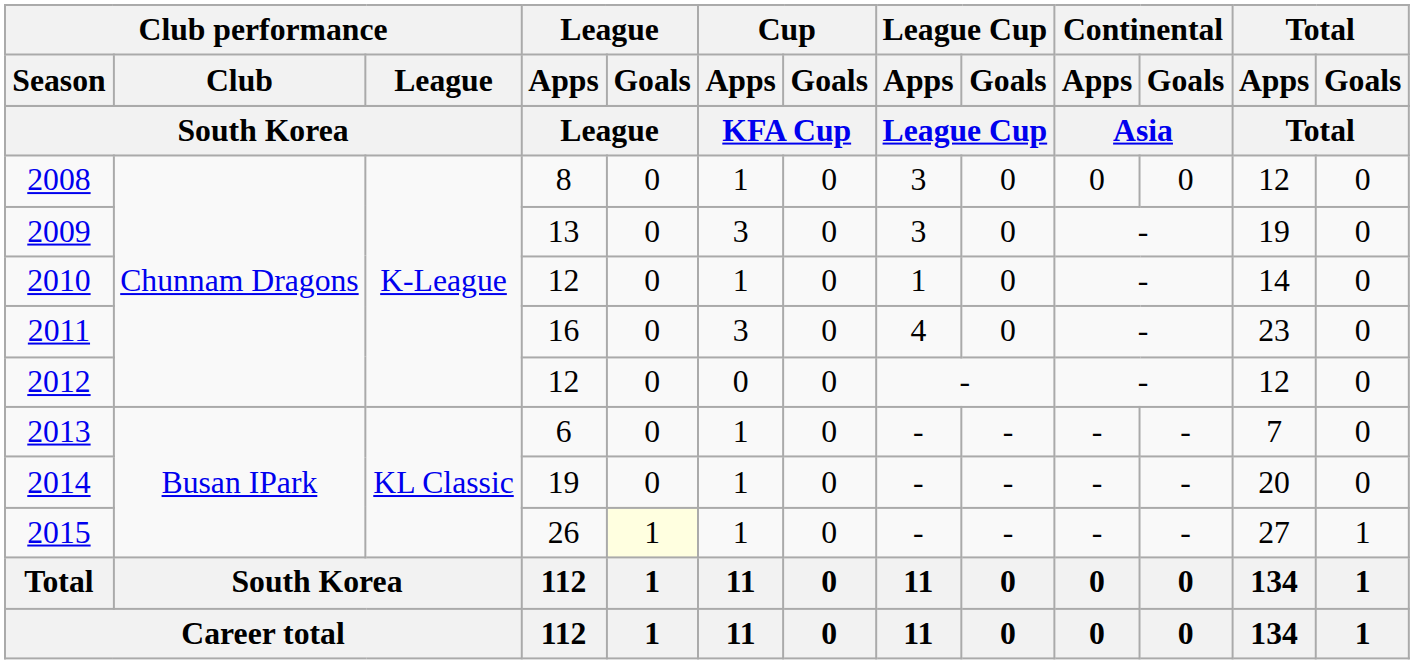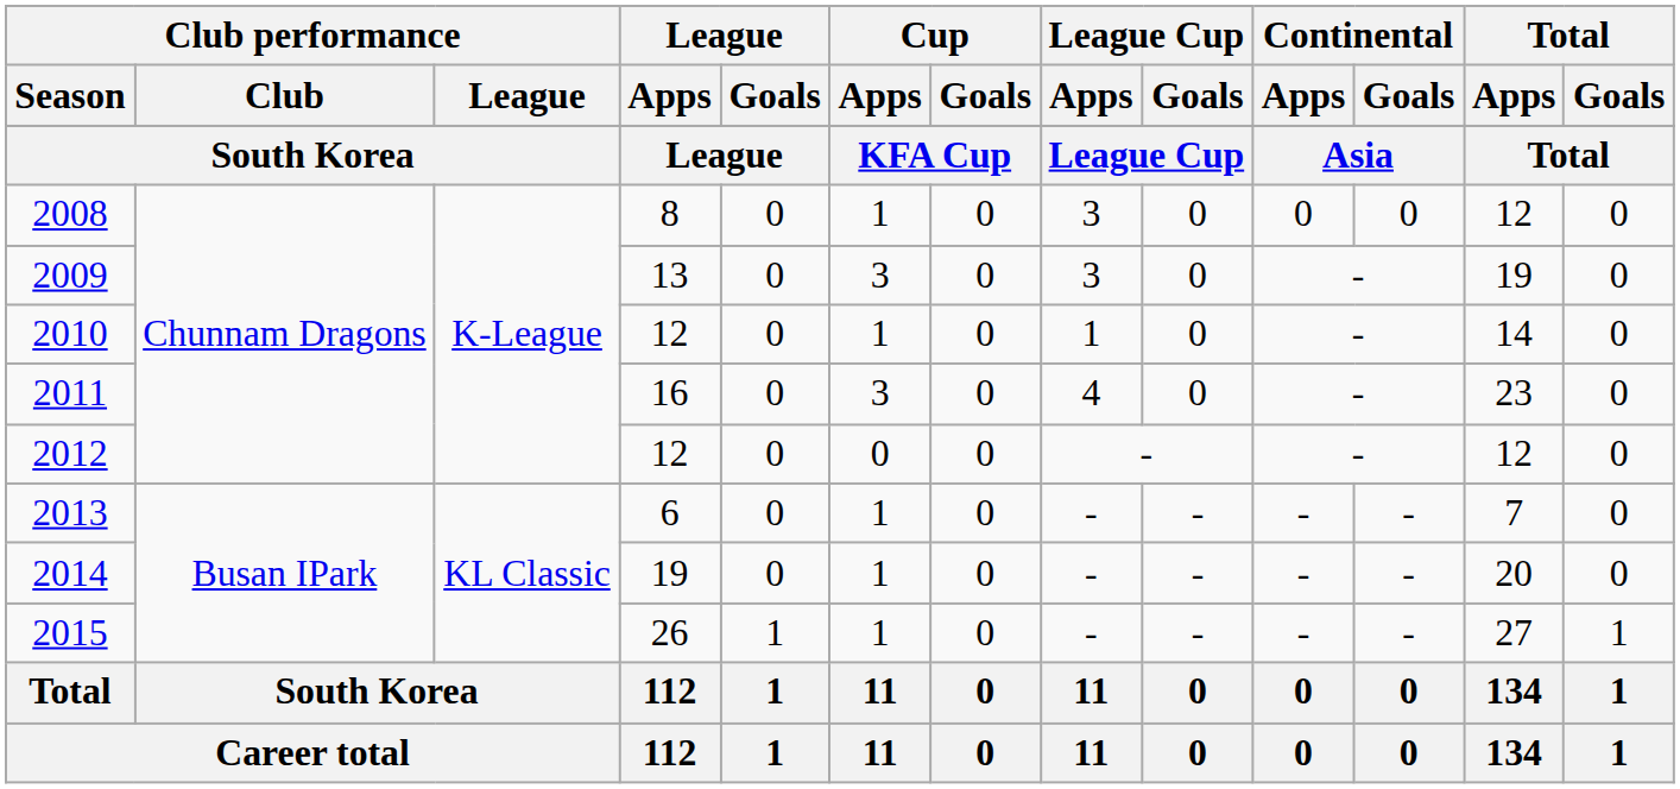 <table class="wikitable" style="text-align:center">
 <tr>
 <th colspan=3>Club performance</th>
 <th colspan=2>League</th>
 <th colspan=2>Cup</th>
 <th colspan=2>League Cup</th>
 <th colspan=2>Continental</th>
 <th colspan=2>Total</th>
 </tr>
 <tr>
 <th>Season</th>
 <th>Club</th>
 <th>League</th>
 <th>Apps</th>
 <th>Goals</th>
 <th>Apps</th>
 <th>Goals</th>
 <th>Apps</th>
 <th>Goals</th>
 <th>Apps</th>
 <th>Goals</th>
 <th>Apps</th>
 <th>Goals</th>
 </tr>
 <tr>
 </tr>
 <tr>
 <th colspan=3>South Korea</th>
 <th colspan=2>League</th>
 <th colspan=2><a href='#'>KFA Cup</a></th>
 <th colspan=2><a href='#'>League Cup</a></th>
 <th colspan=2><a href='#'>Asia</a></th>
 <th colspan=2>Total</th>
 </tr>
 <tr>
 <td><a href='#'>2008</a></td>
 <td rowspan="5"><a href='#'>Chunnam Dragons</a></td>
 <td rowspan="5"><a href='#'>K-League</a></td>
 <td>8</td>
 <td>0</td>
 <td>1</td>
 <td>0</td>
 <td>3</td>
 <td>0</td>
 <td>0</td>
 <td>0</td>
 <td>12</td>
 <td>0</td>
 </tr>
 <tr>
 <td><a href='#'>2009</a></td>
 <td>13</td>
 <td>0</td>
 <td>3</td>
 <td>0</td>
 <td>3</td>
 <td>0</td>
 <td colspan="2">-</td>
 <td>19</td>
 <td>0</td>
 </tr>
 <tr>
 <td><a href='#'>2010</a></td>
 <td>12</td>
 <td>0</td>
 <td>1</td>
 <td>0</td>
 <td>1</td>
 <td>0</td>
 <td colspan="2">-</td>
 <td>14</td>
 <td>0</td>
 </tr>
 <tr>
 <td><a href='#'>2011</a></td>
 <td>16</td>
 <td>0</td>
 <td>3</td>
 <td>0</td>
 <td>4</td>
 <td>0</td>
 <td colspan="2">-</td>
 <td>23</td>
 <td>0</td>
 </tr>
 <tr>
 <td><a href='#'>2012</a></td>
 <td>12</td>
 <td>0</td>
 <td>0</td>
 <td>0</td>
 <td colspan="2">-</td>
 <td colspan="2">-</td>
 <td>12</td>
 <td>0</td>
 </tr>
 <tr>
 <td><a href='#'>2013</a></td>
 <td rowspan="3"><a href='#'>Busan IPark</a></td>
 <td rowspan="3"><a href='#'>KL Classic</a></td>
 <td>6</td>
 <td>0</td>
 <td>1</td>
 <td>0</td>
 <td>-</td>
 <td>-</td>
 <td>-</td>
 <td>-</td>
 <td>7</td>
 <td>0</td>
 </tr>
 <tr>
 <td><a href='#'>2014</a></td>
 <td>19</td>
 <td>0</td>
 <td>1</td>
 <td>0</td>
 <td>-</td>
 <td>-</td>
 <td>-</td>
 <td>-</td>
 <td>20</td>
 <td>0</td>
 </tr>
 <tr>
 <td><a href='#'>2015</a></td>
 <td>26</td>
-<td style="background: lightyellow;">1</td>
+<td>1</td>
 <td>1</td>
 <td>0</td>
 <td>-</td>
 <td>-</td>
 <td>-</td>
 <td>-</td>
 <td>27</td>
 <td>1</td>
 </tr>
 <tr>
 <th rowspan=1>Total</th>
 <th colspan=2>South Korea</th>
 <th>112</th>
 <th>1</th>
 <th>11</th>
 <th>0</th>
 <th>11</th>
 <th>0</th>
 <th>0</th>
 <th>0</th>
 <th>134</th>
 <th>1</th>
 </tr>
 <tr>
 <th colspan=3>Career total</th>
 <th>112</th>
 <th>1</th>
 <th>11</th>
 <th>0</th>
 <th>11</th>
 <th>0</th>
 <th>0</th>
 <th>0</th>
 <th>134</th>
 <th>1</th>
 </tr>
 </table>
